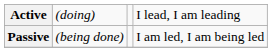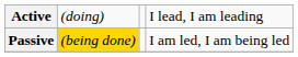 <table class="wikitable">
 <tr>
 <th>Active</th>
 <td><em>(doing)</em></td>
 <td><strong></strong></td>
 <td>I lead, I am leading</td>
 </tr>
 <tr>
 <th>Passive</th>
-<td><em>(being done)</em></td>
+<td style="background: gold;"><em>(being done)</em></td>
 <td><strong></strong></td>
 <td>I am led, I am being led</td>
 </tr>
 <tr>
 </tr>
 </table>
